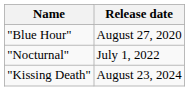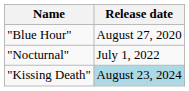 <table class="wikitable">
 <tr>
 <th>Name</th>
 <th>Release date</th>
 </tr>
 <tr>
 <td>"Blue Hour"</td>
 <td>August 27, 2020</td>
 </tr>
 <tr>
 <td>"Nocturnal"</td>
 <td>July 1, 2022</td>
 </tr>
 <tr>
 <td>"Kissing Death"</td>
-<td>August 23, 2024</td>
+<td style="background: lightblue;">August 23, 2024</td>
 </tr>
 </table>
